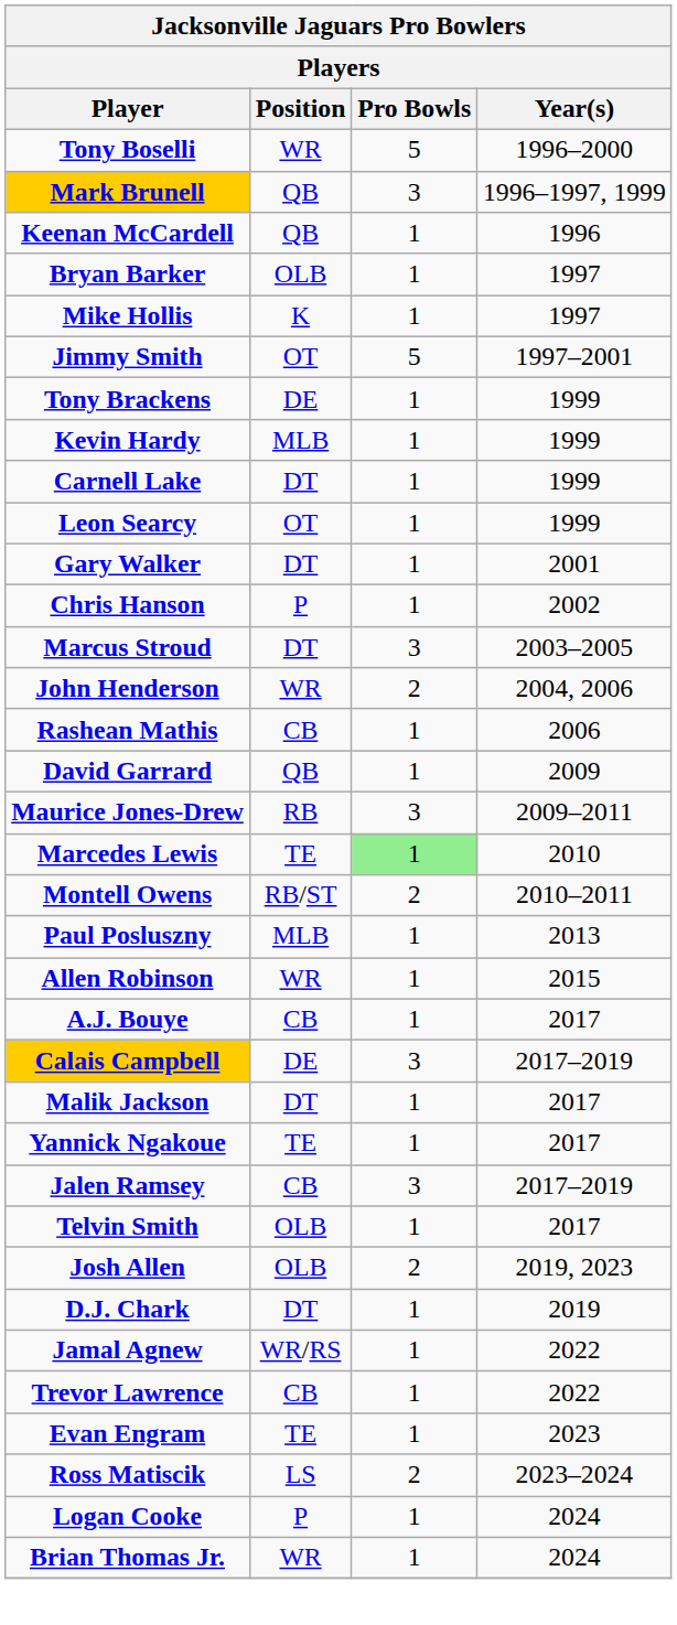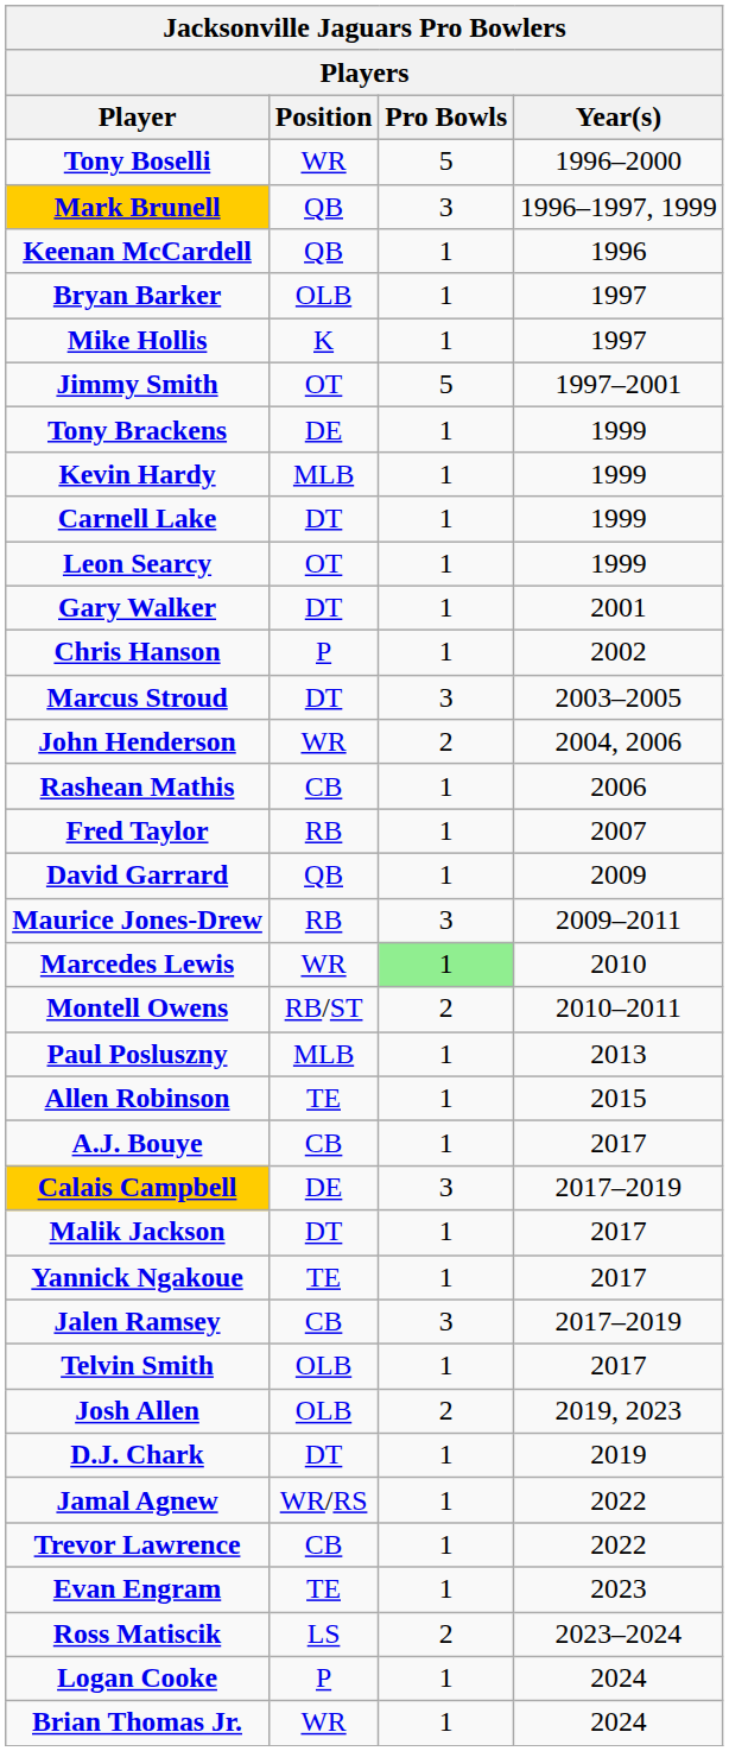 <table class="wikitable sortable" style="text-align:center;">
 <tr>
 <th colspan="4">Jacksonville Jaguars Pro Bowlers</th>
 </tr>
 <tr>
 <th colspan="4">Players</th>
 </tr>
 <tr>
 <th>Player</th>
 <th>Position</th>
 <th>Pro Bowls</th>
 <th>Year(s)</th>
 </tr>
 <tr>
 <td><strong><a href='#'>Tony Boselli</a></strong></td>
 <td><a href='#'>WR</a></td>
 <td>5</td>
 <td>1996–2000</td>
 </tr>
 <tr>
 <td style="background:#fc0"><strong><a href='#'>Mark Brunell</a></strong></td>
 <td><a href='#'>QB</a></td>
 <td>3</td>
 <td>1996–1997, 1999</td>
 </tr>
 <tr>
 <td><strong><a href='#'>Keenan McCardell</a></strong></td>
 <td><a href='#'>QB</a></td>
 <td>1</td>
 <td>1996</td>
 </tr>
 <tr>
 <td><strong><a href='#'>Bryan Barker</a></strong></td>
 <td><a href='#'>OLB</a></td>
 <td>1</td>
 <td>1997</td>
 </tr>
 <tr>
 <td><strong><a href='#'>Mike Hollis</a></strong></td>
 <td><a href='#'>K</a></td>
 <td>1</td>
 <td>1997</td>
 </tr>
 <tr>
 <td><strong><a href='#'>Jimmy Smith</a></strong></td>
 <td><a href='#'>OT</a></td>
 <td>5</td>
 <td>1997–2001</td>
 </tr>
 <tr>
 <td><strong><a href='#'>Tony Brackens</a></strong></td>
 <td><a href='#'>DE</a></td>
 <td>1</td>
 <td>1999</td>
 </tr>
 <tr>
 <td><strong><a href='#'>Kevin Hardy</a></strong></td>
 <td><a href='#'>MLB</a></td>
 <td>1</td>
 <td>1999</td>
 </tr>
 <tr>
 <td><strong><a href='#'>Carnell Lake</a></strong></td>
 <td><a href='#'>DT</a></td>
 <td>1</td>
 <td>1999</td>
 </tr>
 <tr>
 <td><strong><a href='#'>Leon Searcy</a></strong></td>
 <td><a href='#'>OT</a></td>
 <td>1</td>
 <td>1999</td>
 </tr>
 <tr>
 <td><strong><a href='#'>Gary Walker</a></strong></td>
 <td><a href='#'>DT</a></td>
 <td>1</td>
 <td>2001</td>
 </tr>
 <tr>
 <td><strong><a href='#'>Chris Hanson</a></strong></td>
 <td><a href='#'>P</a></td>
 <td>1</td>
 <td>2002</td>
 </tr>
 <tr>
 <td><strong><a href='#'>Marcus Stroud</a></strong></td>
 <td><a href='#'>DT</a></td>
 <td>3</td>
 <td>2003–2005</td>
 </tr>
 <tr>
 <td><strong><a href='#'>John Henderson</a></strong></td>
 <td><a href='#'>WR</a></td>
 <td>2</td>
 <td>2004, 2006</td>
 </tr>
 <tr>
 <td><strong><a href='#'>Rashean Mathis</a></strong></td>
 <td><a href='#'>CB</a></td>
 <td>1</td>
 <td>2006</td>
 </tr>
 <tr>
+<td><strong><a href='#'>Fred Taylor</a></strong></td>
+<td><a href='#'>RB</a></td>
+<td>1</td>
+<td>2007</td>
+</tr>
+<tr>
 <td><strong><a href='#'>David Garrard</a></strong></td>
 <td><a href='#'>QB</a></td>
 <td>1</td>
 <td>2009</td>
 </tr>
 <tr>
 <td><strong><a href='#'>Maurice Jones-Drew</a></strong></td>
 <td><a href='#'>RB</a></td>
 <td>3</td>
 <td>2009–2011</td>
 </tr>
 <tr>
 <td><strong><a href='#'>Marcedes Lewis</a></strong></td>
-<td><a href='#'>TE</a></td>
+<td><a href='#'>WR</a></td>
 <td style="background: lightgreen;">1</td>
 <td>2010</td>
 </tr>
 <tr>
 <td><strong><a href='#'>Montell Owens</a></strong></td>
 <td><a href='#'>RB</a>/<a href='#'>ST</a></td>
 <td>2</td>
 <td>2010–2011</td>
 </tr>
 <tr>
 <td><strong><a href='#'>Paul Posluszny</a></strong></td>
 <td><a href='#'>MLB</a></td>
 <td>1</td>
 <td>2013</td>
 </tr>
 <tr>
 <td><strong><a href='#'>Allen Robinson</a></strong></td>
-<td><a href='#'>WR</a></td>
+<td><a href='#'>TE</a></td>
 <td>1</td>
 <td>2015</td>
 </tr>
 <tr>
 <td><strong><a href='#'>A.J. Bouye</a></strong></td>
 <td><a href='#'>CB</a></td>
 <td>1</td>
 <td>2017</td>
 </tr>
 <tr>
 <td style="background:#fc0"><strong><a href='#'>Calais Campbell</a></strong></td>
 <td><a href='#'>DE</a></td>
 <td>3</td>
 <td>2017–2019</td>
 </tr>
 <tr>
 <td><strong><a href='#'>Malik Jackson</a></strong></td>
 <td><a href='#'>DT</a></td>
 <td>1</td>
 <td>2017</td>
 </tr>
 <tr>
 <td><strong><a href='#'>Yannick Ngakoue</a></strong></td>
 <td><a href='#'>TE</a></td>
 <td>1</td>
 <td>2017</td>
 </tr>
 <tr>
 <td><strong><a href='#'>Jalen Ramsey</a></strong></td>
 <td><a href='#'>CB</a></td>
 <td>3</td>
 <td>2017–2019</td>
 </tr>
 <tr>
 <td><strong><a href='#'>Telvin Smith</a></strong></td>
 <td><a href='#'>OLB</a></td>
 <td>1</td>
 <td>2017</td>
 </tr>
 <tr>
 <td><strong><a href='#'>Josh Allen</a></strong></td>
 <td><a href='#'>OLB</a></td>
 <td>2</td>
 <td>2019, 2023 </td>
 </tr>
 <tr>
 <td><strong><a href='#'>D.J. Chark</a></strong></td>
 <td><a href='#'>DT</a></td>
 <td>1</td>
 <td>2019</td>
 </tr>
 <tr>
 <td><strong><a href='#'>Jamal Agnew</a></strong></td>
 <td><a href='#'>WR</a>/<a href='#'>RS</a></td>
 <td>1</td>
 <td>2022</td>
 </tr>
 <tr>
 <td><strong><a href='#'>Trevor Lawrence</a></strong></td>
 <td><a href='#'>CB</a></td>
 <td>1</td>
 <td>2022</td>
 </tr>
 <tr>
 <td><strong><a href='#'>Evan Engram</a> </strong></td>
 <td><a href='#'>TE</a></td>
 <td>1</td>
 <td>2023</td>
 </tr>
 <tr>
 <td><strong><a href='#'>Ross Matiscik</a> </strong></td>
 <td><a href='#'>LS</a></td>
 <td>2</td>
 <td>2023–2024</td>
 </tr>
 <tr>
 <td><strong><a href='#'>Logan Cooke</a> </strong></td>
 <td><a href='#'>P</a></td>
 <td>1</td>
 <td>2024</td>
 </tr>
 <tr>
 <td><strong><a href='#'>Brian Thomas Jr.</a> </strong></td>
 <td><a href='#'>WR</a></td>
 <td>1</td>
 <td>2024</td>
 </tr>
 <tr>
 </tr>
 </table>
